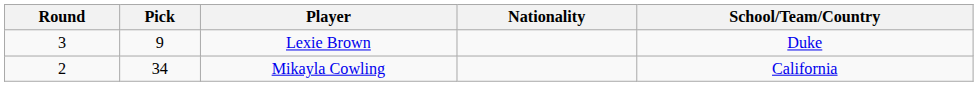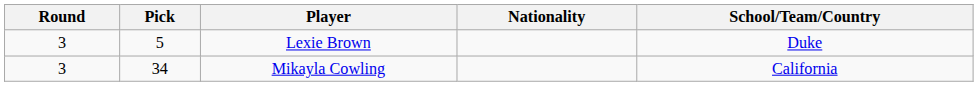 <table class="wikitable" style="text-align:center; width:60em">
 <tr>
 <th>Round</th>
 <th>Pick</th>
 <th>Player</th>
 <th>Nationality</th>
 <th>School/Team/Country</th>
 </tr>
 <tr>
 <td>3</td>
-<td>9</td>
+<td>5</td>
 <td><a href='#'>Lexie Brown</a></td>
 <td></td>
 <td><a href='#'>Duke</a></td>
 </tr>
 <tr>
-<td>2</td>
+<td>3</td>
 <td>34</td>
 <td><a href='#'>Mikayla Cowling</a></td>
 <td></td>
 <td><a href='#'>California</a></td>
 </tr>
 </table>
